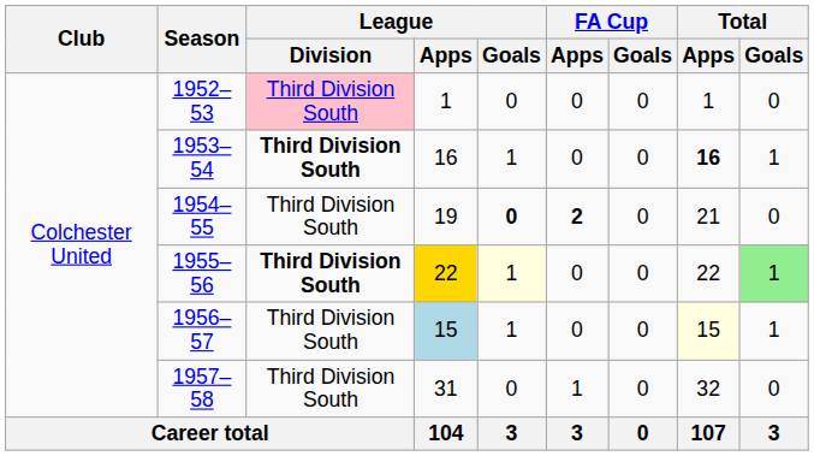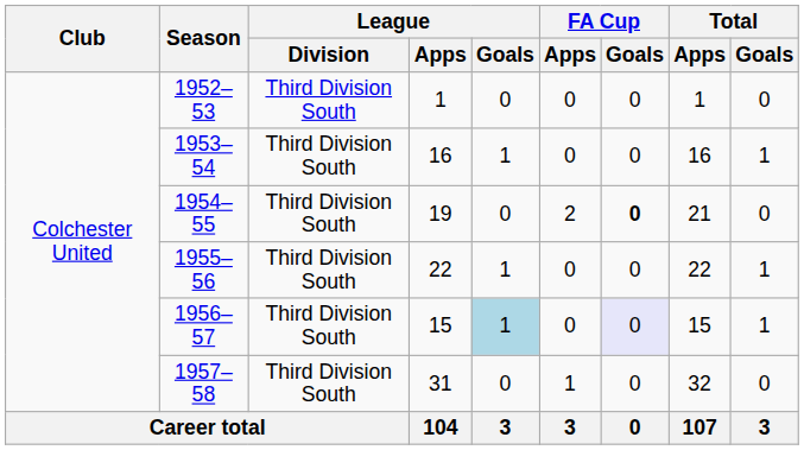 <table class=wikitable style="text-align: center;">
 <tr>
 <th rowspan=2>Club</th>
 <th rowspan=2>Season</th>
 <th colspan=3>League</th>
 <th colspan=2><a href='#'>FA Cup</a></th>
 <th colspan=2>Total</th>
 </tr>
 <tr>
 <th>Division</th>
 <th>Apps</th>
 <th>Goals</th>
 <th>Apps</th>
 <th>Goals</th>
 <th>Apps</th>
 <th>Goals</th>
 </tr>
 <tr>
 <td rowspan=6><a href='#'>Colchester United</a></td>
 <td><a href='#'>1952–53</a></td>
-<td style="background: pink;"><a href='#'>Third Division South</a></td>
+<td><a href='#'>Third Division South</a></td>
 <td>1</td>
 <td>0</td>
 <td>0</td>
 <td>0</td>
 <td>1</td>
 <td>0</td>
 </tr>
 <tr>
 <td><a href='#'>1953–54</a></td>
-<td><strong>Third Division South</strong></td>
+<td>Third Division South</td>
 <td>16</td>
 <td>1</td>
 <td>0</td>
 <td>0</td>
-<td><strong>16</strong></td>
+<td>16</td>
 <td>1</td>
 </tr>
 <tr>
 <td><a href='#'>1954–55</a></td>
 <td>Third Division South</td>
 <td>19</td>
+<td>0</td>
+<td>2</td>
 <td><strong>0</strong></td>
-<td><strong>2</strong></td>
-<td>0</td>
 <td>21</td>
 <td>0</td>
 </tr>
 <tr>
 <td><a href='#'>1955–56</a></td>
-<td><strong>Third Division South</strong></td>
-<td style="background: gold;">22</td>
-<td style="background: lightyellow;">1</td>
+<td>Third Division South</td>
+<td>22</td>
+<td>1</td>
 <td>0</td>
 <td>0</td>
 <td>22</td>
-<td style="background: lightgreen;">1</td>
+<td>1</td>
 </tr>
 <tr>
 <td><a href='#'>1956–57</a></td>
 <td>Third Division South</td>
-<td style="background: lightblue;">15</td>
-<td>1</td>
+<td>15</td>
+<td style="background: lightblue;">1</td>
 <td>0</td>
-<td>0</td>
-<td style="background: lightyellow;">15</td>
+<td style="background: lavender;">0</td>
+<td>15</td>
 <td>1</td>
 </tr>
 <tr>
 <td><a href='#'>1957–58</a></td>
 <td>Third Division South</td>
 <td>31</td>
 <td>0</td>
 <td>1</td>
 <td>0</td>
 <td>32</td>
 <td>0</td>
 </tr>
 <tr>
 <th colspan=3>Career total</th>
 <th>104</th>
 <th>3</th>
 <th>3</th>
 <th>0</th>
 <th>107</th>
 <th>3</th>
 </tr>
 </table>
